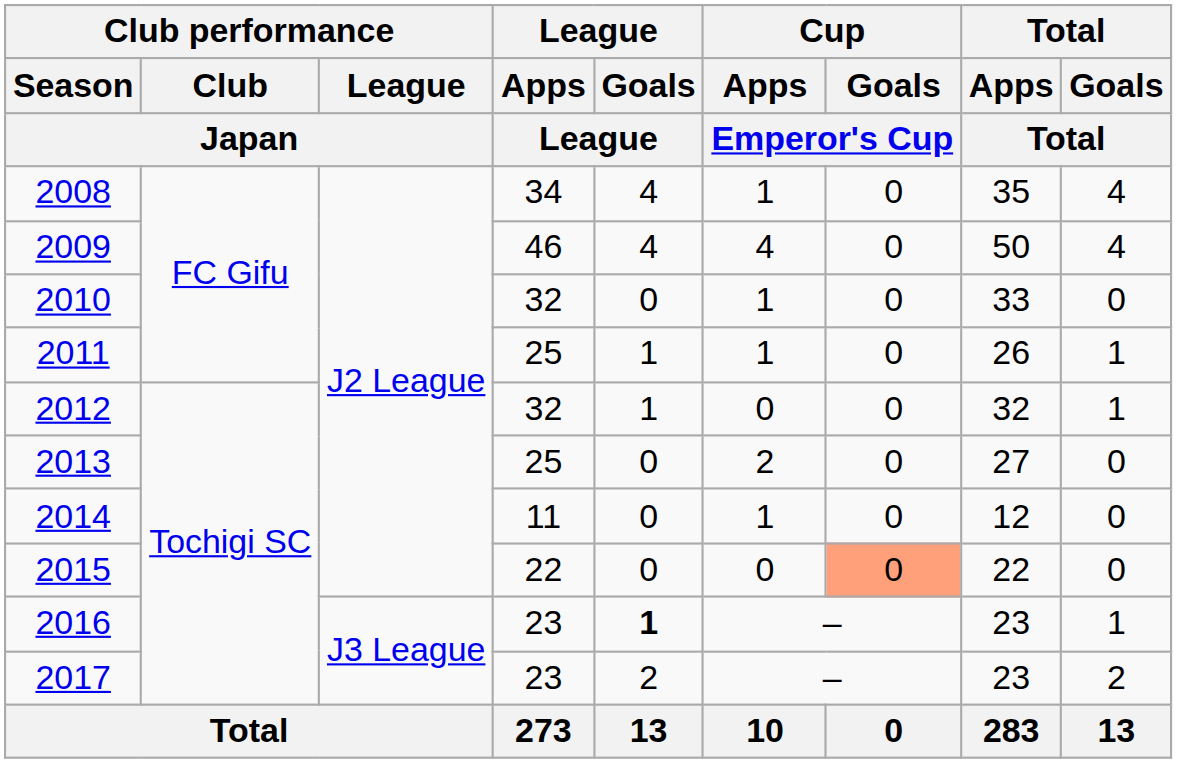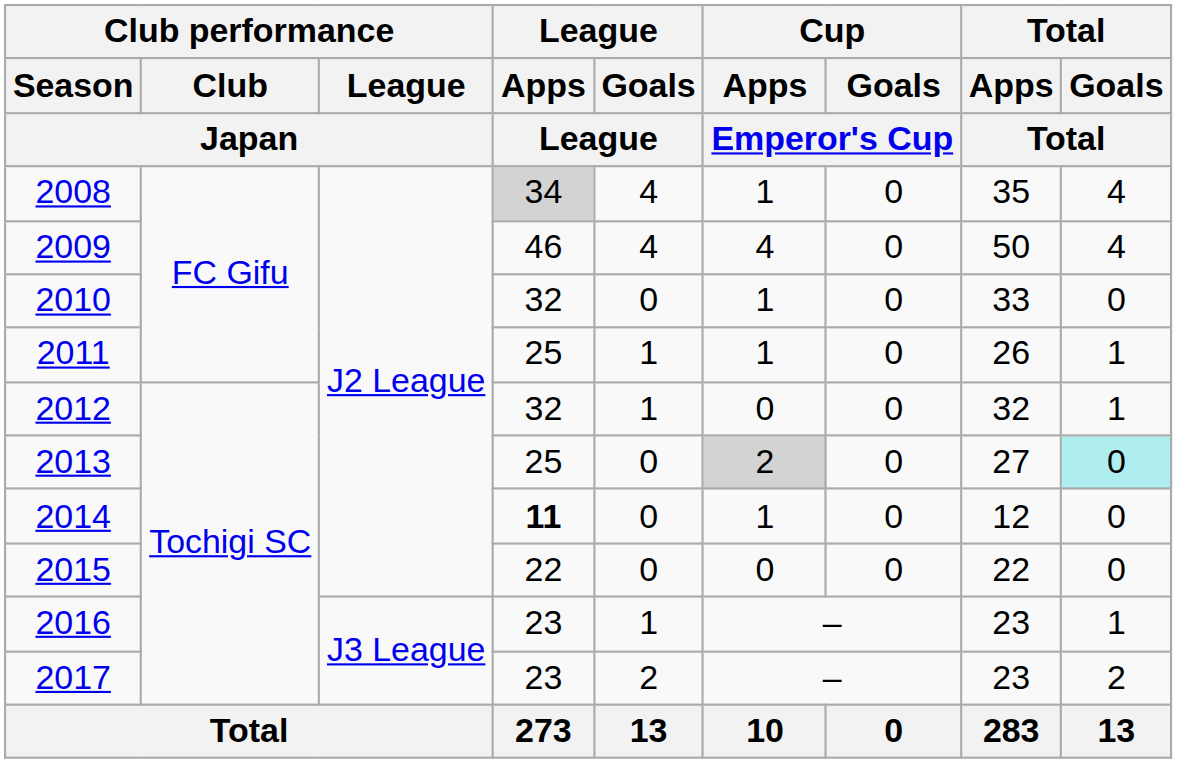 <table class="wikitable" style="text-align:center;">
 <tr>
 <th colspan=3>Club performance</th>
 <th colspan=2>League</th>
 <th colspan=2>Cup</th>
 <th colspan=2>Total</th>
 </tr>
 <tr>
 <th>Season</th>
 <th>Club</th>
 <th>League</th>
 <th>Apps</th>
 <th>Goals</th>
 <th>Apps</th>
 <th>Goals</th>
 <th>Apps</th>
 <th>Goals</th>
 </tr>
 <tr>
 <th colspan=3>Japan</th>
 <th colspan=2>League</th>
 <th colspan=2><a href='#'>Emperor's Cup</a></th>
 <th colspan=2>Total</th>
 </tr>
 <tr>
 <td><a href='#'>2008</a></td>
 <td rowspan="4"><a href='#'>FC Gifu</a></td>
 <td rowspan="8"><a href='#'>J2 League</a></td>
-<td>34</td>
+<td style="background: lightgrey;">34</td>
 <td>4</td>
 <td>1</td>
 <td>0</td>
 <td>35</td>
 <td>4</td>
 </tr>
 <tr>
 <td><a href='#'>2009</a></td>
 <td>46</td>
 <td>4</td>
 <td>4</td>
 <td>0</td>
 <td>50</td>
 <td>4</td>
 </tr>
 <tr>
 <td><a href='#'>2010</a></td>
 <td>32</td>
 <td>0</td>
 <td>1</td>
 <td>0</td>
 <td>33</td>
 <td>0</td>
 </tr>
 <tr>
 <td><a href='#'>2011</a></td>
 <td>25</td>
 <td>1</td>
 <td>1</td>
 <td>0</td>
 <td>26</td>
 <td>1</td>
 </tr>
 <tr>
 <td><a href='#'>2012</a></td>
 <td rowspan="6"><a href='#'>Tochigi SC</a></td>
 <td>32</td>
 <td>1</td>
 <td>0</td>
 <td>0</td>
 <td>32</td>
 <td>1</td>
 </tr>
 <tr>
 <td><a href='#'>2013</a></td>
 <td>25</td>
 <td>0</td>
-<td>2</td>
+<td style="background: lightgrey;">2</td>
 <td>0</td>
 <td>27</td>
-<td>0</td>
+<td style="background: paleturquoise;">0</td>
 </tr>
 <tr>
 <td><a href='#'>2014</a></td>
-<td>11</td>
+<td><strong>11</strong></td>
 <td>0</td>
 <td>1</td>
 <td>0</td>
 <td>12</td>
 <td>0</td>
 </tr>
 <tr>
 <td><a href='#'>2015</a></td>
 <td>22</td>
 <td>0</td>
 <td>0</td>
-<td style="background: lightsalmon;">0</td>
+<td>0</td>
 <td>22</td>
 <td>0</td>
 </tr>
 <tr>
 <td><a href='#'>2016</a></td>
 <td rowspan="2"><a href='#'>J3 League</a></td>
 <td>23</td>
-<td><strong>1</strong></td>
+<td>1</td>
 <td colspan="2">–</td>
 <td>23</td>
 <td>1</td>
 </tr>
 <tr>
 <td><a href='#'>2017</a></td>
 <td>23</td>
 <td>2</td>
 <td colspan="2">–</td>
 <td>23</td>
 <td>2</td>
 </tr>
 <tr>
 <th colspan=3>Total</th>
 <th>273</th>
 <th>13</th>
 <th>10</th>
 <th>0</th>
 <th>283</th>
 <th>13</th>
 </tr>
 </table>
